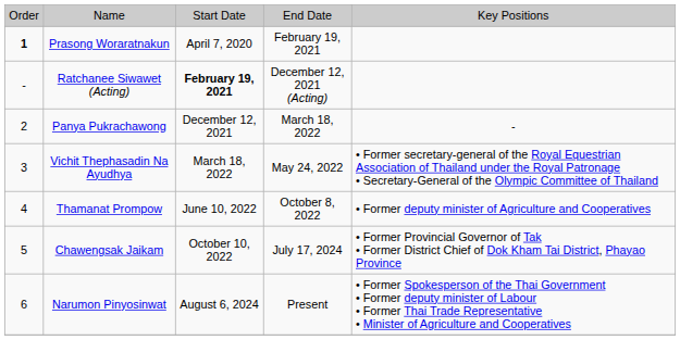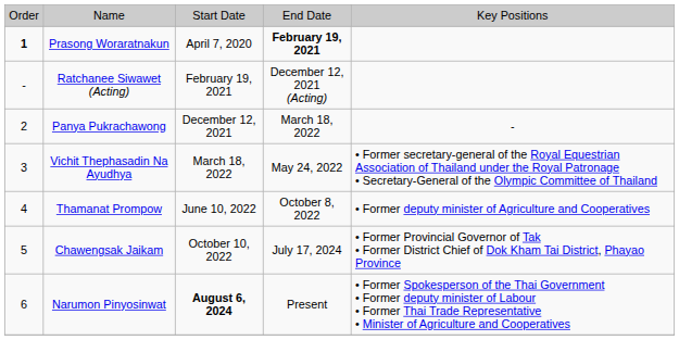 <table border="1" cellpadding="5" cellspacing="1" style="margin: 1em 1em 1em 0; background: #f9f9f9; border: 1px #aaa solid; text-align:center; border-collapse: collapse; font-size: 95%;">
 <tr style="background:#cccccc">
 <td>Order</td>
 <td>Name</td>
 <td>Start Date</td>
 <td>End Date</td>
 <td>Key Positions</td>
 </tr>
 <tr>
 <td><strong>1</strong></td>
 <td><a href='#'>Prasong Woraratnakun</a></td>
 <td>April 7, 2020</td>
-<td>February 19, 2021</td>
+<td><strong>February 19, 2021</strong></td>
 <td></td>
 </tr>
 <tr>
 <td>-</td>
 <td><a href='#'>Ratchanee Siwawet</a><br><em>(Acting)</em></td>
-<td><strong>February 19, 2021</strong></td>
+<td>February 19, 2021</td>
 <td>December 12, 2021 <br> <em>(Acting)</em></td>
 <td></td>
 </tr>
 <tr>
 <td>2</td>
 <td><a href='#'>Panya Pukrachawong</a></td>
 <td>December 12, 2021</td>
 <td>March 18, 2022</td>
 <td>-</td>
 </tr>
 <tr>
 <td>3</td>
 <td><a href='#'>Vichit Thephasadin Na Ayudhya</a></td>
 <td>March 18, 2022</td>
 <td>May 24, 2022</td>
 <td align="left">• Former secretary-general of the <a href='#'>Royal Equestrian Association of Thailand under the Royal Patronage</a> <br> • Secretary-General of the <a href='#'>Olympic Committee of Thailand</a></td>
 </tr>
 <tr>
 <td>4</td>
 <td><a href='#'>Thamanat Prompow</a></td>
 <td>June 10, 2022</td>
 <td>October 8, 2022</td>
 <td align="left">• Former <a href='#'>deputy minister of Agriculture and Cooperatives</a></td>
 </tr>
 <tr>
 <td>5</td>
 <td><a href='#'>Chawengsak Jaikam</a></td>
 <td>October 10, 2022</td>
 <td>July 17, 2024</td>
 <td align="left">• Former Provincial Governor of <a href='#'>Tak</a> <br> • Former District Chief of <a href='#'>Dok Kham Tai District</a>, <a href='#'>Phayao Province</a></td>
 </tr>
 <tr>
 <td>6</td>
 <td><a href='#'>Narumon Pinyosinwat</a></td>
-<td>August 6, 2024</td>
+<td><strong>August 6, 2024</strong></td>
 <td>Present</td>
 <td align="left">• Former <a href='#'>Spokesperson of the Thai Government</a> <br> • Former <a href='#'>deputy minister of Labour</a> <br> • Former <a href='#'>Thai Trade Representative</a> <br> • <a href='#'>Minister of Agriculture and Cooperatives</a></td>
 </tr>
 <tr>
 </tr>
 </table>
